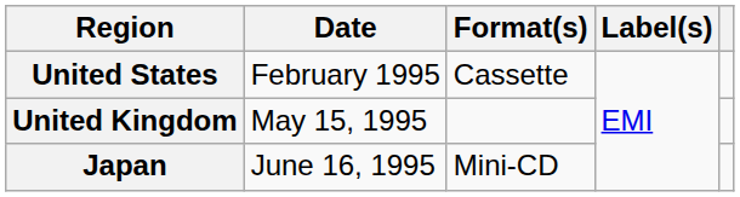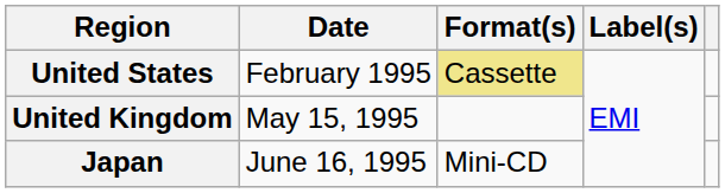 <table class="wikitable plainrowheaders">
 <tr>
 <th scope="col">Region</th>
 <th scope="col">Date</th>
 <th scope="col">Format(s)</th>
 <th scope="col">Label(s)</th>
 <th scope="col"></th>
 </tr>
 <tr>
 <th scope="row">United States</th>
 <td>February 1995</td>
-<td>Cassette</td>
+<td style="background: khaki;">Cassette</td>
 <td rowspan="3"><a href='#'>EMI</a></td>
 <td></td>
 </tr>
 <tr>
 <th scope="row">United Kingdom</th>
 <td>May 15, 1995</td>
 <td></td>
 <td></td>
 </tr>
 <tr>
 <th scope="row">Japan</th>
 <td>June 16, 1995</td>
 <td>Mini-CD</td>
 <td></td>
 </tr>
 </table>
